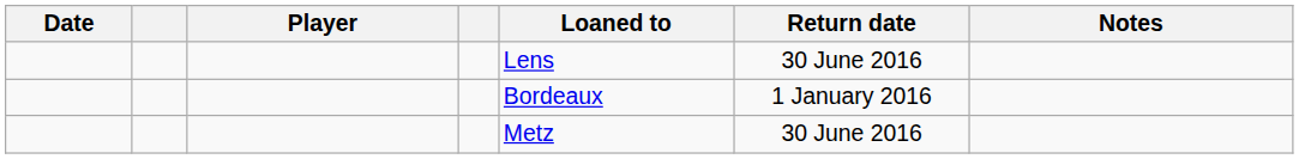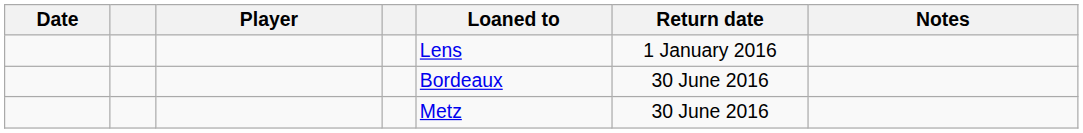 <table class="wikitable sortable">
 <tr>
 <th style="width:80px;">Date</th>
 <th style="width:30px;"></th>
 <th style="width:180px;">Player</th>
 <th style="width:20px;"></th>
 <th style="width:155px;">Loaned to</th>
 <th style="width:155px;" class="unsortable">Return date</th>
 <th style="width:215px;" class="unsortable">Notes</th>
 </tr>
 <tr>
 <td></td>
 <td align=center></td>
 <td> </td>
 <td></td>
 <td> <a href='#'>Lens</a></td>
-<td align=center>30 June 2016</td>
+<td align=center>1 January 2016</td>
 <td align=center></td>
 </tr>
 <tr>
 <td></td>
 <td align=center></td>
 <td> </td>
 <td></td>
 <td> <a href='#'>Bordeaux</a></td>
-<td align=center>1 January 2016</td>
+<td align=center>30 June 2016</td>
 <td align=center></td>
 </tr>
 <tr>
 <td></td>
 <td align=center></td>
 <td> </td>
 <td></td>
 <td> <a href='#'>Metz</a></td>
 <td align=center>30 June 2016</td>
 <td align=center></td>
 </tr>
 </table>
